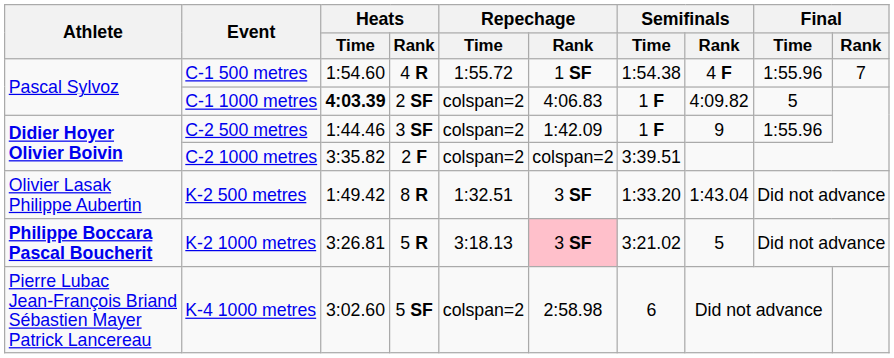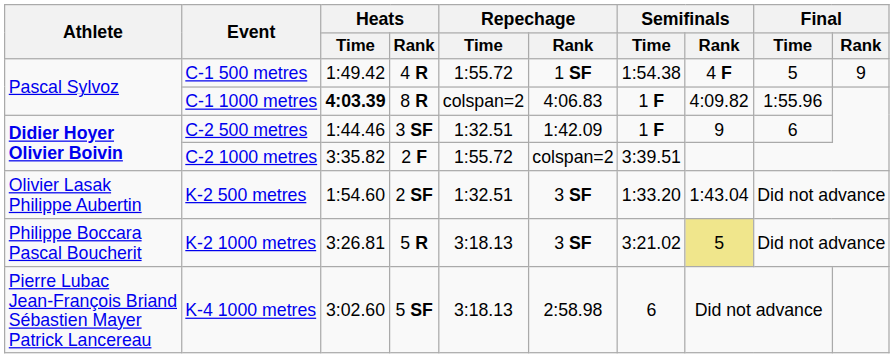 <table class=wikitable style="font-size:90%">
 <tr>
 <th rowspan="2">Athlete</th>
 <th rowspan="2">Event</th>
 <th colspan=2>Heats</th>
 <th colspan=2>Repechage</th>
 <th colspan=2>Semifinals</th>
 <th colspan=2>Final</th>
 </tr>
 <tr style="font-size:95%">
 <th>Time</th>
 <th>Rank</th>
 <th>Time</th>
 <th>Rank</th>
 <th>Time</th>
 <th>Rank</th>
 <th>Time</th>
 <th>Rank</th>
 </tr>
 <tr align=center>
 <td align=left rowspan=2><a href='#'>Pascal Sylvoz</a></td>
 <td align=left><a href='#'>C-1 500 metres</a></td>
-<td>1:54.60</td>
+<td>1:49.42</td>
 <td>4 <strong>R</strong></td>
 <td>1:55.72</td>
 <td>1 <strong>SF</strong></td>
 <td>1:54.38</td>
 <td>4 <strong>F</strong></td>
-<td>1:55.96</td>
-<td>7</td>
+<td>5</td>
+<td>9</td>
 </tr>
 <tr align=center>
 <td align=left><a href='#'>C-1 1000 metres</a></td>
 <td><strong>4:03.39</strong></td>
-<td>2 <strong>SF</strong></td>
+<td>8 <strong>R</strong></td>
 <td>colspan=2</td>
 <td>4:06.83</td>
 <td>1 <strong>F</strong></td>
 <td>4:09.82</td>
-<td>5</td>
+<td>1:55.96</td>
 </tr>
 <tr align=center>
 <td align=left rowspan=2><strong><a href='#'>Didier Hoyer</a><br><a href='#'>Olivier Boivin</a></strong></td>
 <td align=left><a href='#'>C-2 500 metres</a></td>
 <td>1:44.46</td>
 <td>3 <strong>SF</strong></td>
-<td>colspan=2</td>
+<td>1:32.51</td>
 <td>1:42.09</td>
 <td>1 <strong>F</strong></td>
 <td>9</td>
-<td>1:55.96</td>
+<td>6</td>
 </tr>
 <tr align=center>
 <td align=left><a href='#'>C-2 1000 metres</a></td>
 <td>3:35.82</td>
 <td>2 <strong>F</strong></td>
-<td>colspan=2</td>
+<td>1:55.72</td>
 <td>colspan=2</td>
 <td>3:39.51</td>
 <td></td>
 </tr>
 <tr align=center>
 <td align=left><a href='#'>Olivier Lasak</a><br><a href='#'>Philippe Aubertin</a></td>
 <td align=left><a href='#'>K-2 500 metres</a></td>
-<td>1:49.42</td>
-<td>8 <strong>R</strong></td>
+<td>1:54.60</td>
+<td>2 <strong>SF</strong></td>
 <td>1:32.51</td>
 <td>3 <strong>SF</strong></td>
 <td>1:33.20</td>
 <td>1:43.04</td>
 <td colspan=2>Did not advance</td>
 </tr>
 <tr align=center>
-<td align=left><strong><a href='#'>Philippe Boccara</a><br><a href='#'>Pascal Boucherit</a></strong></td>
+<td align=left><a href='#'>Philippe Boccara</a><br><a href='#'>Pascal Boucherit</a></td>
 <td align=left><a href='#'>K-2 1000 metres</a></td>
 <td>3:26.81</td>
 <td>5 <strong>R</strong></td>
 <td>3:18.13</td>
-<td style="background: pink;">3 <strong>SF</strong></td>
+<td>3 <strong>SF</strong></td>
 <td>3:21.02</td>
-<td>5</td>
+<td style="background: khaki;">5</td>
 <td colspan=2>Did not advance</td>
 </tr>
 <tr align=center>
 <td align=left><a href='#'>Pierre Lubac</a><br><a href='#'>Jean-François Briand</a><br><a href='#'>Sébastien Mayer</a><br><a href='#'>Patrick Lancereau</a></td>
 <td align=left><a href='#'>K-4 1000 metres</a></td>
 <td>3:02.60</td>
 <td>5 <strong>SF</strong></td>
-<td>colspan=2</td>
+<td>3:18.13</td>
 <td>2:58.98</td>
 <td>6</td>
 <td colspan=2>Did not advance</td>
 </tr>
 </table>
